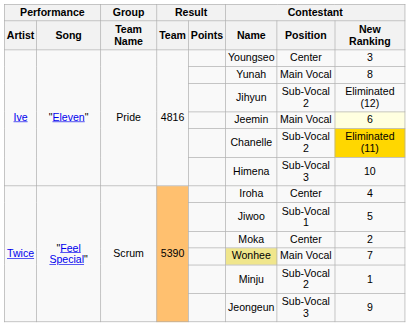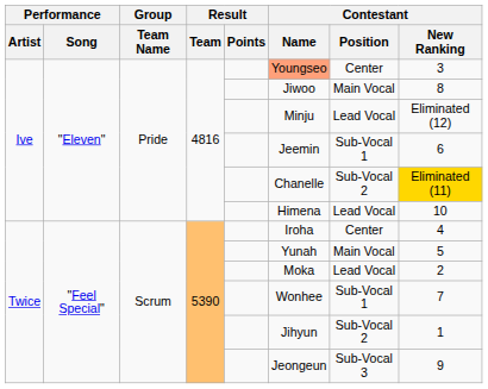 <table class="wikitable collapsible" style="text-align:center">
 <tr>
 <th colspan="2">Performance</th>
 <th>Group</th>
 <th colspan="2">Result</th>
 <th colspan="3">Contestant</th>
 </tr>
 <tr>
 <th scope="col">Artist</th>
 <th>Song</th>
 <th>Team Name</th>
 <th>Team</th>
 <th>Points</th>
 <th>Name</th>
 <th>Position</th>
 <th>New Ranking</th>
 </tr>
 <tr>
 <td rowspan="6"><a href='#'>Ive</a></td>
 <td rowspan="6">"<a href='#'>Eleven</a>"</td>
 <td rowspan="6">Pride</td>
 <td rowspan="6">4816</td>
 <td></td>
-<td>Youngseo</td>
+<td style="background: lightsalmon;">Youngseo</td>
 <td>Center</td>
 <td>3</td>
 </tr>
 <tr>
 <td></td>
-<td>Yunah</td>
+<td>Jiwoo</td>
 <td>Main Vocal</td>
 <td>8</td>
 </tr>
 <tr>
 <td></td>
-<td>Jihyun</td>
-<td>Sub-Vocal 2</td>
+<td>Minju</td>
+<td>Lead Vocal</td>
 <td>Eliminated (12)</td>
 </tr>
 <tr>
 <td></td>
 <td>Jeemin</td>
-<td>Main Vocal</td>
-<td style="background: lightyellow;">6</td>
+<td>Sub-Vocal 1</td>
+<td>6</td>
 </tr>
 <tr>
 <td></td>
 <td>Chanelle</td>
 <td>Sub-Vocal 2</td>
 <td style="background: gold;">Eliminated (11)</td>
 </tr>
 <tr>
 <td></td>
 <td>Himena</td>
-<td>Sub-Vocal 3</td>
+<td>Lead Vocal</td>
 <td>10</td>
 </tr>
 <tr>
 <td rowspan="6"><a href='#'>Twice</a></td>
 <td rowspan="6">"<a href='#'>Feel Special</a>"</td>
 <td rowspan="6">Scrum</td>
 <td rowspan="6" style="background:#FFC06F">5390</td>
 <td></td>
 <td>Iroha</td>
 <td>Center</td>
 <td>4</td>
 </tr>
 <tr>
 <td></td>
-<td>Jiwoo</td>
-<td>Sub-Vocal 1</td>
+<td>Yunah</td>
+<td>Main Vocal</td>
 <td>5</td>
 </tr>
 <tr>
 <td></td>
 <td>Moka</td>
-<td>Center</td>
+<td>Lead Vocal</td>
 <td>2</td>
 </tr>
 <tr>
 <td></td>
-<td style="background: khaki;">Wonhee</td>
-<td>Main Vocal</td>
+<td>Wonhee</td>
+<td>Sub-Vocal 1</td>
 <td>7</td>
 </tr>
 <tr>
 <td></td>
-<td>Minju</td>
+<td>Jihyun</td>
 <td>Sub-Vocal 2</td>
 <td>1</td>
 </tr>
 <tr>
 <td></td>
 <td>Jeongeun</td>
 <td>Sub-Vocal 3</td>
 <td>9</td>
 </tr>
 </table>
